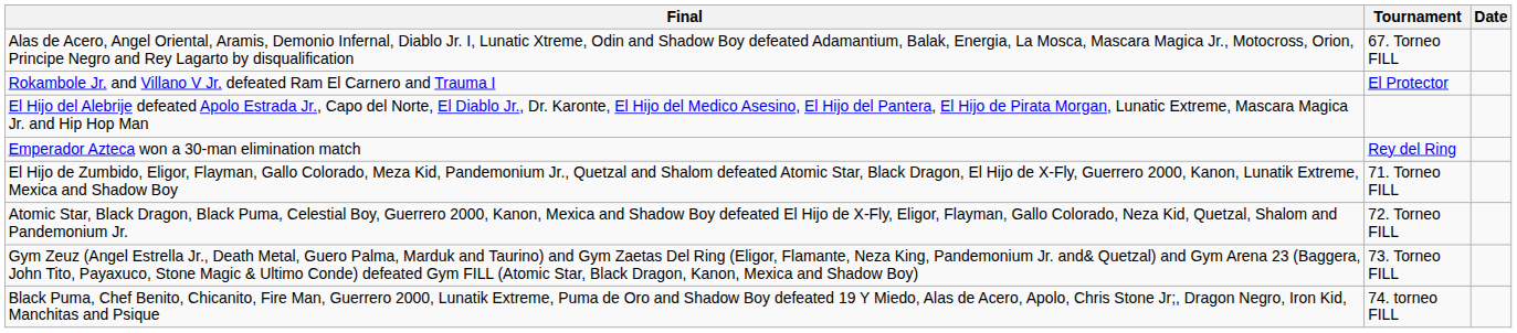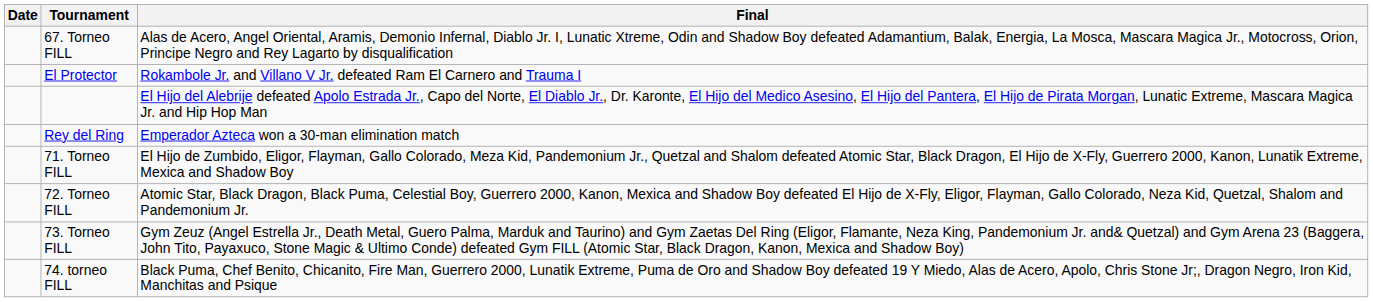 <table class="wikitable">
 <tr>
+<th scope="col">Date</th>
+<th scope="col">Tournament</th>
 <th scope="col">Final</th>
-<th scope="col">Tournament</th>
-<th scope="col">Date</th>
 </tr>
 <tr>
+<td></td>
+<td>67. Torneo FILL</td>
 <td>Alas de Acero, Angel Oriental, Aramis, Demonio Infernal, Diablo Jr. I, Lunatic Xtreme, Odin and Shadow Boy defeated Adamantium, Balak, Energia, La Mosca, Mascara Magica Jr., Motocross, Orion, Principe Negro and Rey Lagarto by disqualification</td>
-<td>67. Torneo FILL</td>
-<td></td>
 </tr>
 <tr>
+<td></td>
+<td><a href='#'>El Protector</a></td>
 <td><a href='#'>Rokambole Jr.</a> and <a href='#'>Villano V Jr.</a> defeated Ram El Carnero and <a href='#'>Trauma I</a></td>
-<td><a href='#'>El Protector</a></td>
-<td></td>
 </tr>
 <tr>
-<td><a href='#'>El Hijo del Alebrije</a> defeated <a href='#'>Apolo Estrada Jr.</a>, Capo del Norte, <a href='#'>El Diablo Jr.</a>, Dr. Karonte, <a href='#'>El Hijo del Medico Asesino</a>, <a href='#'>El Hijo del Pantera</a>, <a href='#'>El Hijo de Pirata Morgan</a>, Lunatic Extreme, Mascara Magica Jr. and Hip Hop Man</td>
 <td></td>
 <td></td>
+<td><a href='#'>El Hijo del Alebrije</a> defeated <a href='#'>Apolo Estrada Jr.</a>, Capo del Norte, <a href='#'>El Diablo Jr.</a>, Dr. Karonte, <a href='#'>El Hijo del Medico Asesino</a>, <a href='#'>El Hijo del Pantera</a>, <a href='#'>El Hijo de Pirata Morgan</a>, Lunatic Extreme, Mascara Magica Jr. and Hip Hop Man</td>
 </tr>
 <tr>
+<td></td>
+<td><a href='#'>Rey del Ring</a></td>
 <td><a href='#'>Emperador Azteca</a> won a 30-man elimination match</td>
-<td><a href='#'>Rey del Ring</a></td>
-<td></td>
 </tr>
 <tr>
+<td></td>
+<td>71. Torneo FILL</td>
 <td>El Hijo de Zumbido, Eligor, Flayman, Gallo Colorado, Meza Kid, Pandemonium Jr., Quetzal and Shalom defeated Atomic Star, Black Dragon, El Hijo de X-Fly, Guerrero 2000, Kanon, Lunatik Extreme, Mexica and Shadow Boy</td>
-<td>71. Torneo FILL</td>
-<td></td>
 </tr>
 <tr>
+<td></td>
+<td>72. Torneo FILL</td>
 <td>Atomic Star, Black Dragon, Black Puma, Celestial Boy, Guerrero 2000, Kanon, Mexica and Shadow Boy defeated El Hijo de X-Fly, Eligor, Flayman, Gallo Colorado, Neza Kid, Quetzal, Shalom and Pandemonium Jr.</td>
-<td>72. Torneo FILL</td>
-<td></td>
 </tr>
 <tr>
+<td></td>
+<td>73. Torneo FILL</td>
 <td>Gym Zeuz (Angel Estrella Jr., Death Metal, Guero Palma, Marduk and Taurino) and Gym Zaetas Del Ring (Eligor, Flamante, Neza King, Pandemonium Jr. and& Quetzal) and Gym Arena 23 (Baggera, John Tito, Payaxuco, Stone Magic & Ultimo Conde) defeated Gym FILL (Atomic Star, Black Dragon, Kanon, Mexica and Shadow Boy)</td>
-<td>73. Torneo FILL</td>
-<td></td>
 </tr>
 <tr>
+<td></td>
+<td>74. torneo FILL</td>
 <td>Black Puma, Chef Benito, Chicanito, Fire Man, Guerrero 2000, Lunatik Extreme, Puma de Oro and Shadow Boy defeated 19 Y Miedo, Alas de Acero, Apolo, Chris Stone Jr;, Dragon Negro, Iron Kid, Manchitas and Psique</td>
-<td>74. torneo FILL</td>
-<td></td>
 </tr>
 </table>
